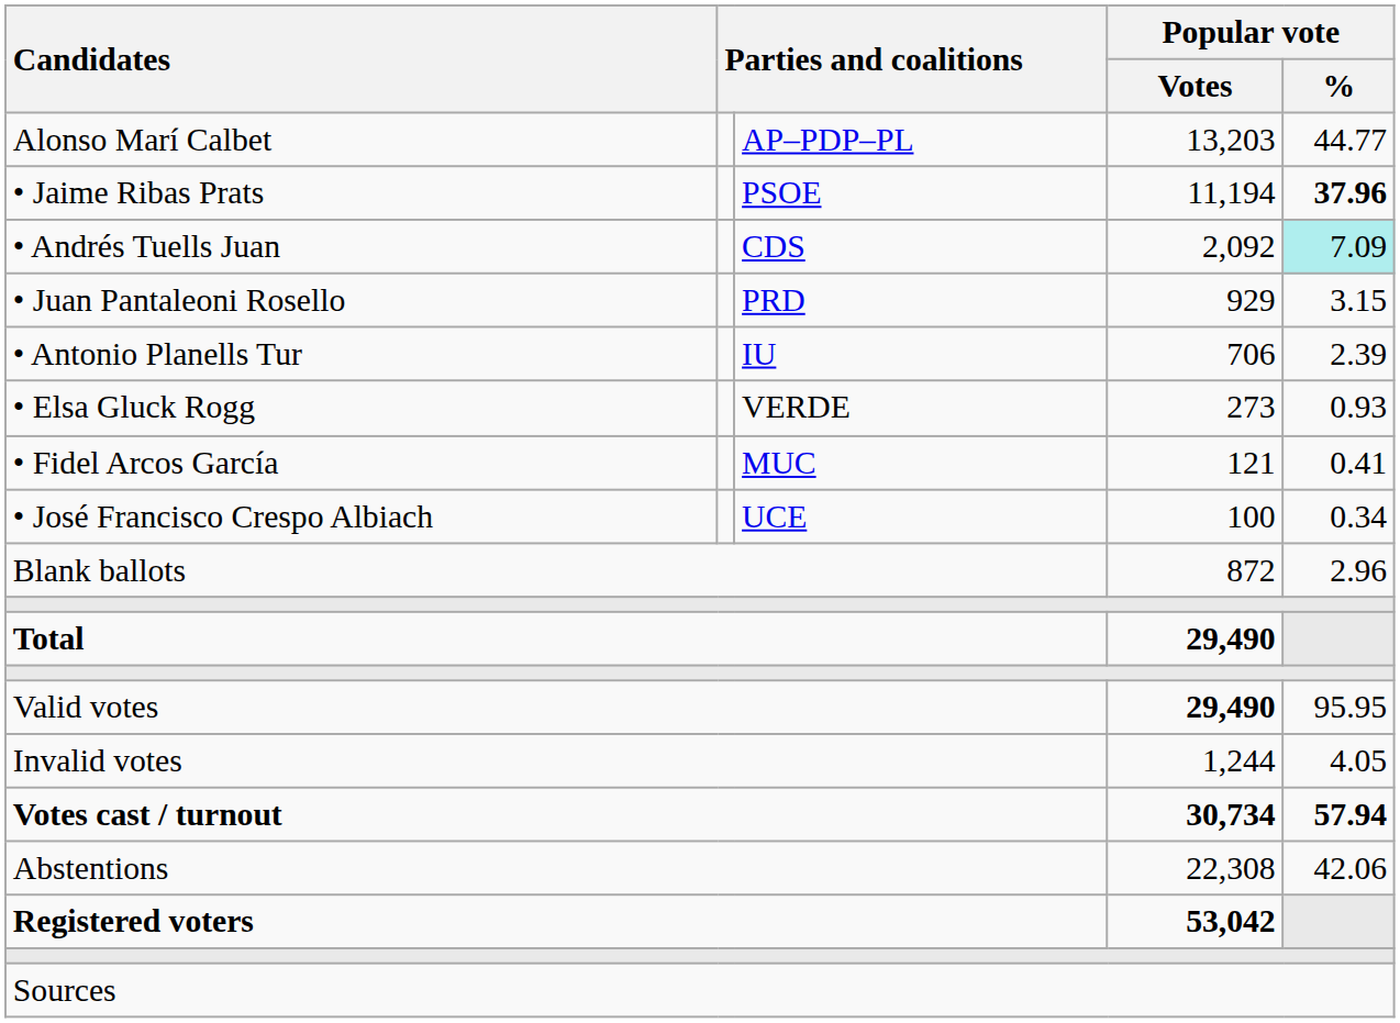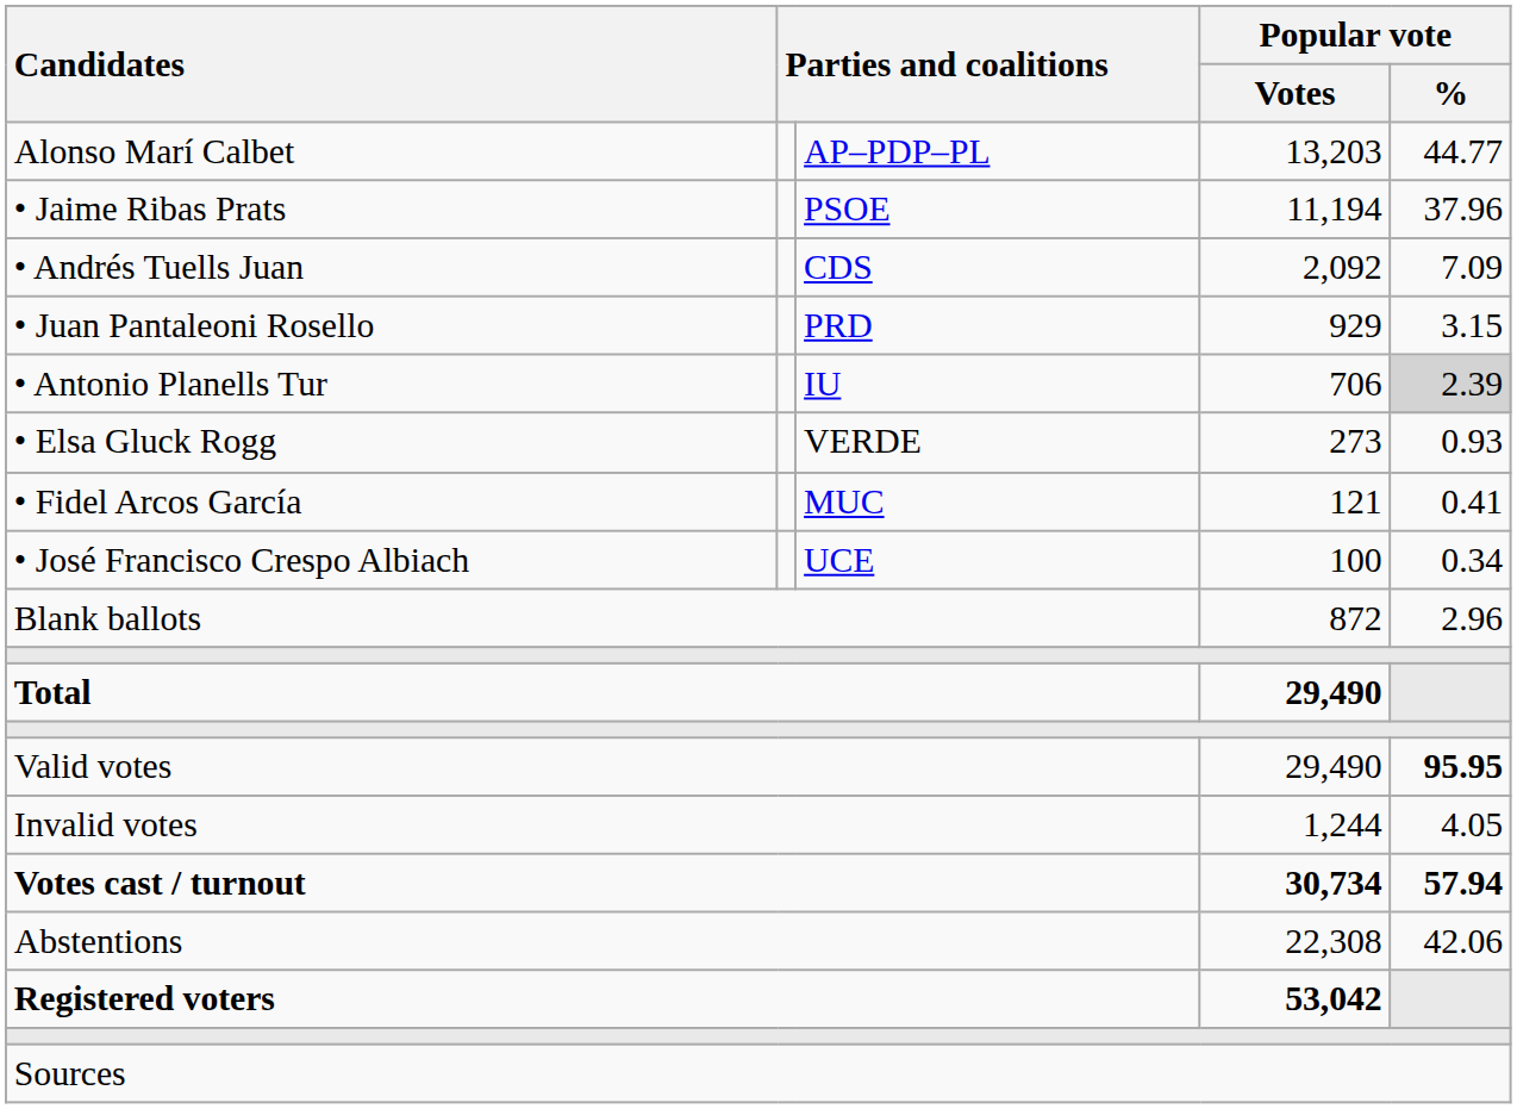 <table class="wikitable" style="text-align:right; font-size:95%;">
 <tr>
 <th style="text-align:left;" rowspan="2" width="325">Candidates</th>
 <th style="text-align:left;" rowspan="2" colspan="2" width="175">Parties and coalitions</th>
 <th colspan="2">Popular vote</th>
 </tr>
 <tr>
 <th width="75">Votes</th>
 <th width="45">%</th>
 </tr>
 <tr>
 <td align="left"> Alonso Marí Calbet</td>
 <td width="1" style="color:inherit;background:"></td>
 <td align="left"><a href='#'>AP–PDP–PL</a></td>
 <td>13,203</td>
 <td>44.77</td>
 </tr>
 <tr>
 <td align="left">• Jaime Ribas Prats</td>
 <td style="color:inherit;background:"></td>
 <td align="left"><a href='#'>PSOE</a></td>
 <td>11,194</td>
-<td><strong>37.96</strong></td>
+<td>37.96</td>
 </tr>
 <tr>
 <td align="left">• Andrés Tuells Juan</td>
 <td style="color:inherit;background:"></td>
 <td align="left"><a href='#'>CDS</a></td>
 <td>2,092</td>
-<td style="background: paleturquoise;">7.09</td>
+<td>7.09</td>
 </tr>
 <tr>
 <td align="left">• Juan Pantaleoni Rosello</td>
 <td style="color:inherit;background:"></td>
 <td align="left"><a href='#'>PRD</a></td>
 <td>929</td>
 <td>3.15</td>
 </tr>
 <tr>
 <td align="left">• Antonio Planells Tur</td>
 <td style="color:inherit;background:"></td>
 <td align="left"><a href='#'>IU</a></td>
 <td>706</td>
-<td>2.39</td>
+<td style="background: lightgrey;">2.39</td>
 </tr>
 <tr>
 <td align="left">• Elsa Gluck Rogg</td>
 <td style="color:inherit;background:"></td>
 <td align="left">VERDE</td>
 <td>273</td>
 <td>0.93</td>
 </tr>
 <tr>
 <td align="left">• Fidel Arcos García</td>
 <td style="color:inherit;background:"></td>
 <td align="left"><a href='#'>MUC</a></td>
 <td>121</td>
 <td>0.41</td>
 </tr>
 <tr>
 <td align="left">• José Francisco Crespo Albiach</td>
 <td style="color:inherit;background:"></td>
 <td align="left"><a href='#'>UCE</a></td>
 <td>100</td>
 <td>0.34</td>
 </tr>
 <tr>
 <td align="left" colspan="3">Blank ballots</td>
 <td>872</td>
 <td>2.96</td>
 </tr>
 <tr>
 <td colspan="5" bgcolor="#E9E9E9"></td>
 </tr>
 <tr style="font-weight:bold;">
 <td align="left" colspan="3">Total</td>
 <td>29,490</td>
 <td bgcolor="#E9E9E9"></td>
 </tr>
 <tr>
 <td colspan="5" bgcolor="#E9E9E9"></td>
 </tr>
 <tr>
 <td align="left" colspan="3">Valid votes</td>
-<td><strong>29,490</strong></td>
-<td>95.95</td>
+<td>29,490</td>
+<td><strong>95.95</strong></td>
 </tr>
 <tr>
 <td align="left" colspan="3">Invalid votes</td>
 <td>1,244</td>
 <td>4.05</td>
 </tr>
 <tr style="font-weight:bold;">
 <td align="left" colspan="3">Votes cast / turnout</td>
 <td>30,734</td>
 <td>57.94</td>
 </tr>
 <tr>
 <td align="left" colspan="3">Abstentions</td>
 <td>22,308</td>
 <td>42.06</td>
 </tr>
 <tr style="font-weight:bold;">
 <td align="left" colspan="3">Registered voters</td>
 <td>53,042</td>
 <td bgcolor="#E9E9E9"></td>
 </tr>
 <tr>
 <td colspan="5" bgcolor="#E9E9E9"></td>
 </tr>
 <tr>
 <td align="left" colspan="5">Sources</td>
 </tr>
 </table>
